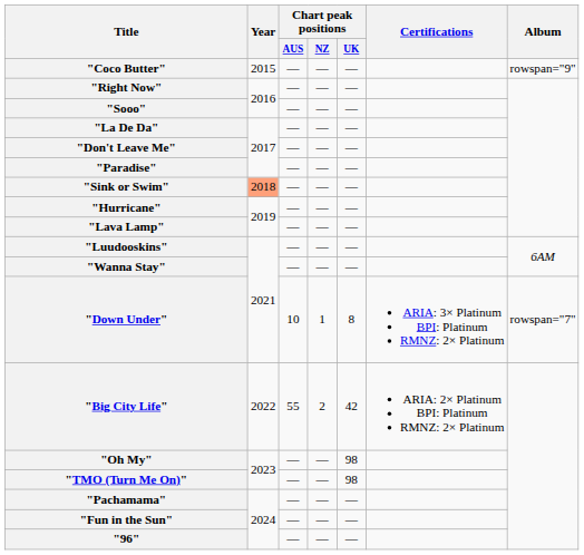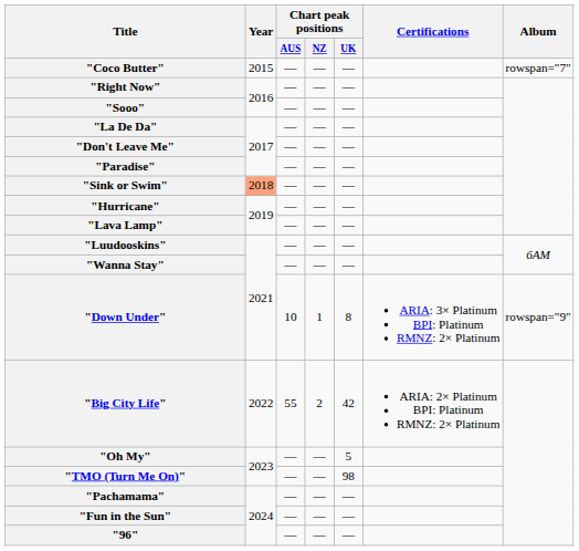 <table class="wikitable plainrowheaders" style="text-align:center;" border="1">
 <tr>
 <th scope="col" rowspan="2" style="width:19em;">Title</th>
 <th scope="col" rowspan="2" style="width:1em;">Year</th>
 <th colspan="3">Chart peak positions</th>
 <th scope="col" rowspan="2"><a href='#'>Certifications</a></th>
 <th scope="col" rowspan="2">Album</th>
 </tr>
 <tr>
 <th width="30px"><small><a href='#'>AUS</a></small><br></th>
 <th width="30px"><small><a href='#'>NZ</a></small><br></th>
 <th width="30px"><small><a href='#'>UK</a></small><br></th>
 </tr>
 <tr>
 <th scope="row">"Coco Butter" <br> </th>
 <td>2015</td>
 <td>—</td>
 <td>—</td>
 <td>—</td>
 <td></td>
-<td>rowspan="9" </td>
+<td>rowspan="7" </td>
 </tr>
 <tr>
 <th scope="row">"Right Now"<br> </th>
 <td rowspan="2">2016</td>
 <td>—</td>
 <td>—</td>
 <td>—</td>
 <td></td>
 </tr>
 <tr>
 <th scope="row">"Sooo"</th>
 <td>—</td>
 <td>—</td>
 <td>—</td>
 <td></td>
 </tr>
 <tr>
 <th scope="row">"La De Da"</th>
 <td rowspan="3">2017</td>
 <td>—</td>
 <td>—</td>
 <td>—</td>
 <td></td>
 </tr>
 <tr>
 <th scope="row">"Don't Leave Me"</th>
 <td>—</td>
 <td>—</td>
 <td>—</td>
 <td></td>
 </tr>
 <tr>
 <th scope="row">"Paradise" <br> </th>
 <td>—</td>
 <td>—</td>
 <td>—</td>
 <td></td>
 </tr>
 <tr>
 <th scope="row">"Sink or Swim"<br> </th>
 <td style="background: lightsalmon;">2018</td>
 <td>—</td>
 <td>—</td>
 <td>—</td>
 <td></td>
 </tr>
 <tr>
 <th scope="row">"Hurricane"<br> </th>
 <td rowspan="2">2019</td>
 <td>—</td>
 <td>—</td>
 <td>—</td>
 <td></td>
 </tr>
 <tr>
 <th scope="row">"Lava Lamp"</th>
 <td>—</td>
 <td>—</td>
 <td>—</td>
 <td></td>
 </tr>
 <tr>
 <th scope="row">"Luudooskins" <br></th>
 <td rowspan="3">2021</td>
 <td>—</td>
 <td>—</td>
 <td>—</td>
 <td></td>
 <td rowspan="2"><em>6AM</em></td>
 </tr>
 <tr>
 <th scope="row">"Wanna Stay"<br> </th>
 <td>—</td>
 <td>—</td>
 <td>—</td>
 <td></td>
 </tr>
 <tr>
 <th scope="row">"<a href='#'>Down Under</a>" <br> </th>
 <td>10</td>
 <td>1</td>
 <td>8</td>
 <td><br><ul><li><a href='#'>ARIA</a>: 3× Platinum</li><li><a href='#'>BPI</a>: Platinum</li><li><a href='#'>RMNZ</a>: 2× Platinum</li></ul></td>
-<td>rowspan="7" </td>
+<td>rowspan="9" </td>
 </tr>
 <tr>
 <th scope="row">"<a href='#'>Big City Life</a>"<br></th>
 <td>2022</td>
 <td>55</td>
 <td>2</td>
 <td>42</td>
 <td><br><ul><li>ARIA: 2× Platinum</li><li>BPI: Platinum</li><li>RMNZ: 2× Platinum</li></ul></td>
 </tr>
 <tr>
 <th scope="row">"Oh My" <br> </th>
 <td rowspan="2">2023</td>
 <td>—</td>
 <td>—</td>
-<td>98</td>
+<td>5</td>
 <td></td>
 </tr>
 <tr>
 <th scope="row">"<a href='#'>TMO (Turn Me On)</a>" <br> </th>
 <td>—</td>
 <td>—</td>
 <td>98</td>
 <td></td>
 </tr>
 <tr>
 <th scope="row">"Pachamama" <br> </th>
 <td rowspan="3">2024</td>
 <td>—</td>
 <td>—</td>
 <td>—</td>
 <td></td>
 </tr>
 <tr>
 <th scope="row">"Fun in the Sun"<br></th>
 <td>—</td>
 <td>—</td>
 <td>—</td>
 <td></td>
 </tr>
 <tr>
 <th scope="row">"96"<br></th>
 <td>—</td>
 <td>—</td>
 <td>—</td>
 <td></td>
 </tr>
 </table>
